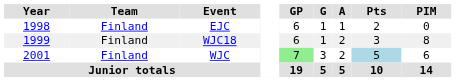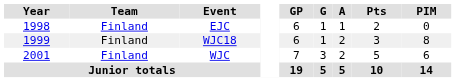 <table border="0" cellpadding="1" cellspacing="0" style="text-align:center; width:40em">
 <tr ALIGN="center" bgcolor="#e0e0e0">
 <th>Year</th>
 <th>Team</th>
 <th>Event</th>
 <th rowspan="99" bgcolor="#ffffff"> </th>
 <th>GP</th>
 <th>G</th>
 <th>A</th>
 <th>Pts</th>
 <th>PIM</th>
 </tr>
 <tr>
 <td><a href='#'>1998</a></td>
 <td><a href='#'>Finland</a></td>
 <td><a href='#'>EJC</a></td>
 <td>6</td>
 <td>1</td>
 <td>1</td>
 <td>2</td>
 <td>0</td>
 </tr>
 <tr bgcolor="#f0f0f0">
 <td><a href='#'>1999</a></td>
 <td>Finland</td>
 <td><a href='#'>WJC18</a></td>
 <td>6</td>
 <td>1</td>
 <td>2</td>
 <td>3</td>
 <td>8</td>
 </tr>
 <tr>
 <td><a href='#'>2001</a></td>
 <td><a href='#'>Finland</a></td>
 <td><a href='#'>WJC</a></td>
-<td style="background: lightgreen;">7</td>
+<td>7</td>
 <td>3</td>
 <td>2</td>
-<td style="background: lightblue;">5</td>
+<td>5</td>
 <td>6</td>
 </tr>
 <tr bgcolor="#e0e0e0">
 <th colspan="3">Junior totals</th>
 <th>19</th>
 <th>5</th>
 <th>5</th>
 <th>10</th>
 <th>14</th>
 </tr>
 </table>
